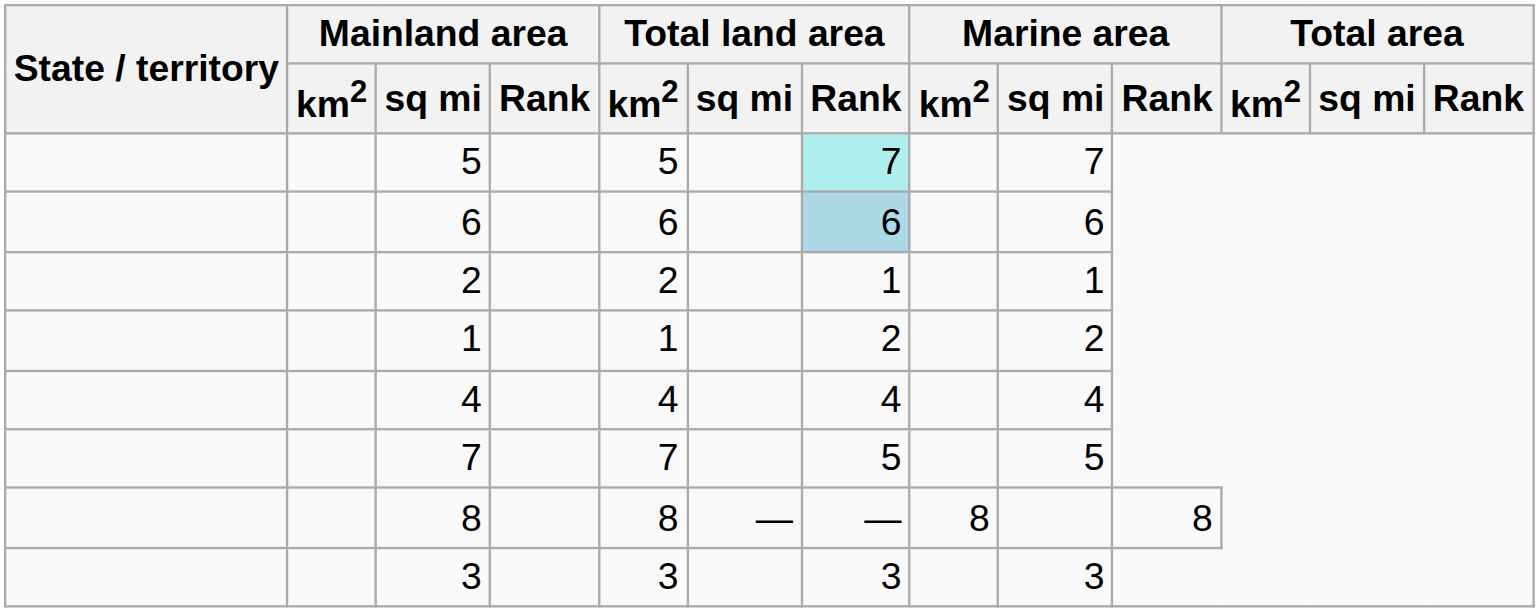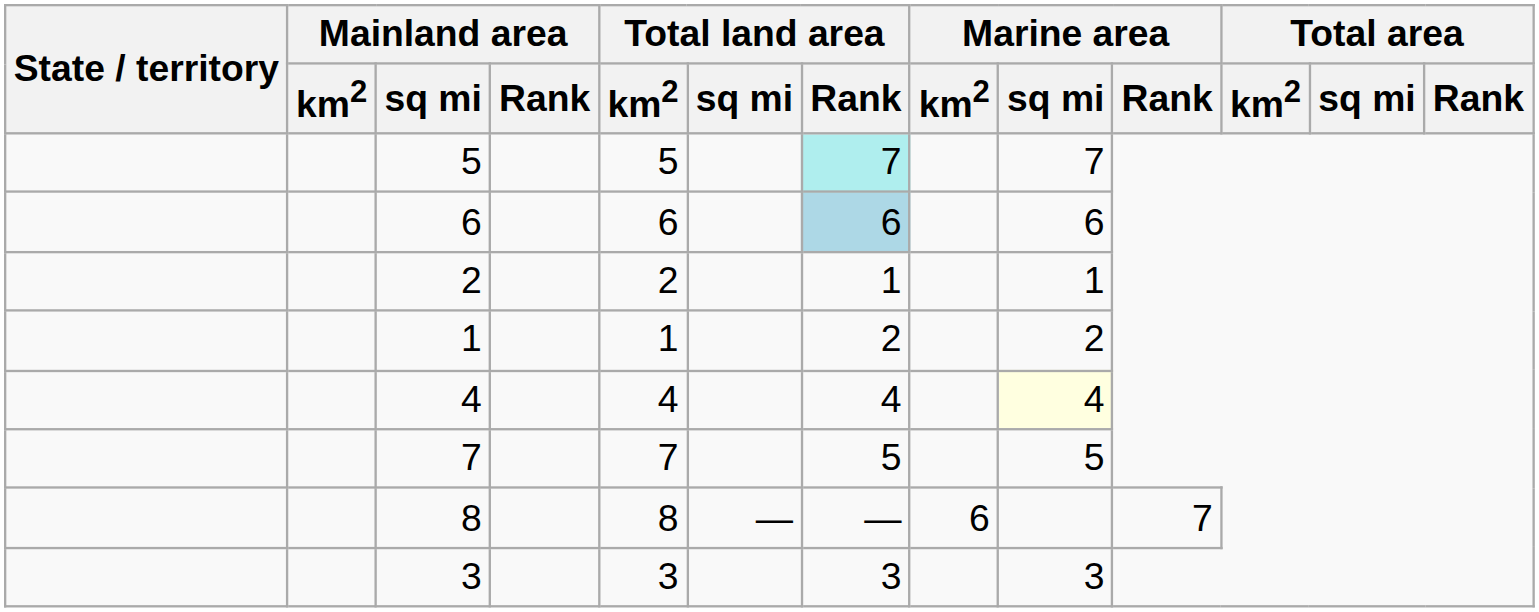 <table class="wikitable sortable" style="text-align:right">
 <tr style="text-align:center">
 <th rowspan=2>State / territory</th>
 <th colspan=3>Mainland area</th>
 <th colspan=3>Total land area</th>
 <th colspan=3>Marine area</th>
 <th colspan=3>Total area</th>
 </tr>
 <tr>
 <th>km<sup>2</sup></th>
 <th>sq mi</th>
 <th>Rank</th>
 <th>km<sup>2</sup></th>
 <th>sq mi</th>
 <th>Rank</th>
 <th>km<sup>2</sup></th>
 <th>sq mi</th>
 <th>Rank</th>
 <th>km<sup>2</sup></th>
 <th>sq mi</th>
 <th>Rank</th>
 </tr>
 <tr>
 <td style="text-align:left"></td>
 <td></td>
 <td>5</td>
 <td></td>
 <td>5</td>
 <td></td>
 <td style="background: paleturquoise;">7</td>
 <td></td>
 <td>7</td>
 </tr>
 <tr>
 <td style="text-align:left"></td>
 <td></td>
 <td>6</td>
 <td></td>
 <td>6</td>
 <td></td>
 <td style="background: lightblue;">6</td>
 <td></td>
 <td>6</td>
 </tr>
 <tr>
 <td style="text-align:left"></td>
 <td></td>
 <td>2</td>
 <td></td>
 <td>2</td>
 <td></td>
 <td>1</td>
 <td></td>
 <td>1</td>
 </tr>
 <tr>
 <td style="text-align:left"></td>
 <td></td>
 <td>1</td>
 <td></td>
 <td>1</td>
 <td></td>
 <td>2</td>
 <td></td>
 <td>2</td>
 </tr>
 <tr>
 <td style="text-align:left"></td>
 <td></td>
 <td>4</td>
 <td></td>
 <td>4</td>
 <td></td>
 <td>4</td>
 <td></td>
-<td>4</td>
+<td style="background: lightyellow;">4</td>
 </tr>
 <tr>
 <td style="text-align:left"></td>
 <td></td>
 <td>7</td>
 <td></td>
 <td>7</td>
 <td></td>
 <td>5</td>
 <td></td>
 <td>5</td>
 </tr>
 <tr>
 <td style="text-align:left"></td>
 <td></td>
 <td>8</td>
 <td></td>
 <td>8</td>
 <td>—</td>
 <td>—</td>
-<td>8</td>
+<td>6</td>
 <td></td>
-<td>8</td>
+<td>7</td>
 </tr>
 <tr>
 <td style="text-align:left"></td>
 <td></td>
 <td>3</td>
 <td></td>
 <td>3</td>
 <td></td>
 <td>3</td>
 <td></td>
 <td>3</td>
 </tr>
 </table>
